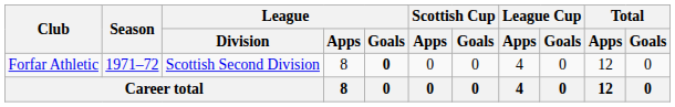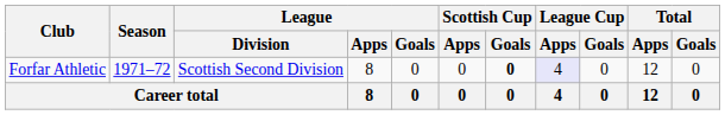 <table class="wikitable" style="text-align: center">
 <tr>
 <th rowspan="2">Club</th>
 <th rowspan="2">Season</th>
 <th colspan="3">League</th>
 <th colspan="2">Scottish Cup</th>
 <th colspan="2">League Cup</th>
 <th colspan="2">Total</th>
 </tr>
 <tr>
 <th>Division</th>
 <th>Apps</th>
 <th>Goals</th>
 <th>Apps</th>
 <th>Goals</th>
 <th>Apps</th>
 <th>Goals</th>
 <th>Apps</th>
 <th>Goals</th>
 </tr>
 <tr>
 <td><a href='#'>Forfar Athletic</a></td>
 <td><a href='#'>1971–72</a></td>
 <td><a href='#'>Scottish Second Division</a></td>
 <td>8</td>
-<td><strong>0</strong></td>
 <td>0</td>
 <td>0</td>
-<td>4</td>
+<td><strong>0</strong></td>
+<td style="background: lavender;">4</td>
 <td>0</td>
 <td>12</td>
 <td>0</td>
 </tr>
 <tr>
 <th colspan="3">Career total</th>
 <th>8</th>
 <th>0</th>
 <th>0</th>
 <th>0</th>
 <th>4</th>
 <th>0</th>
 <th>12</th>
 <th>0</th>
 </tr>
 </table>
